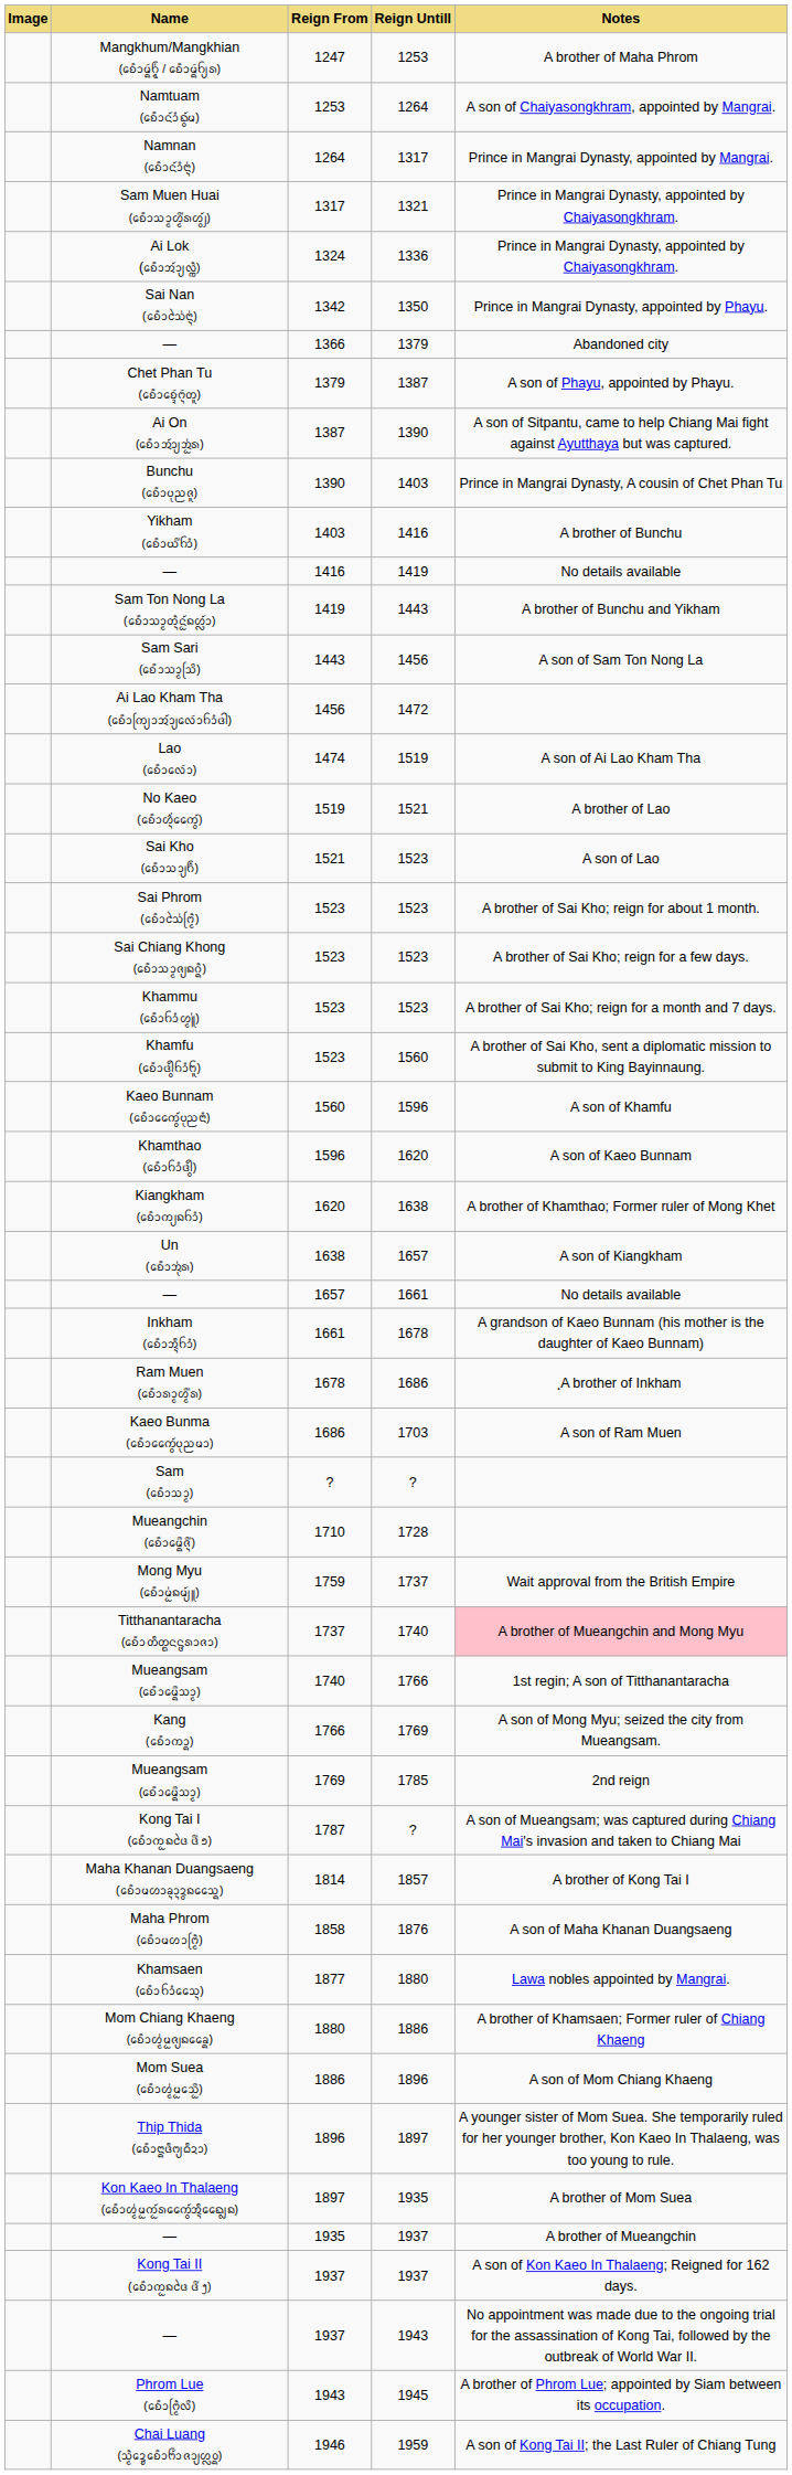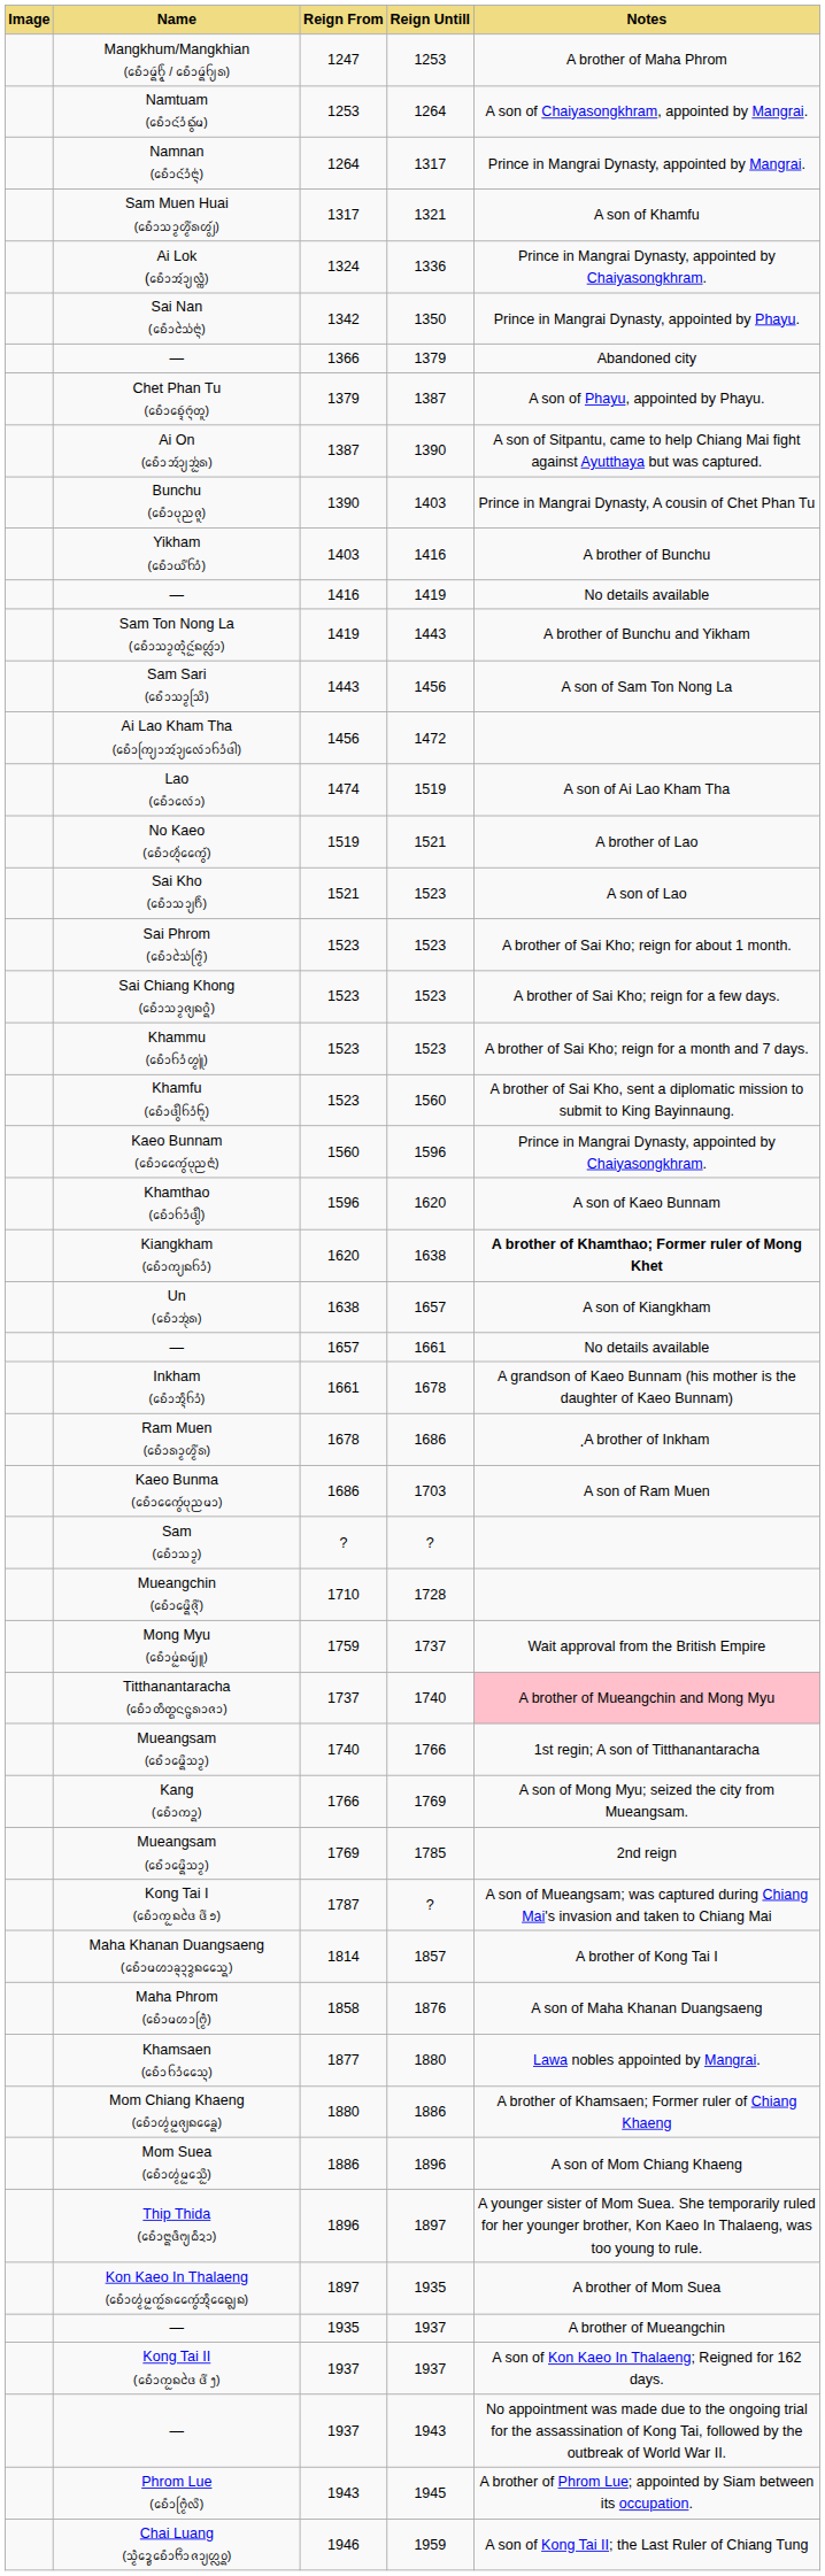 <table class="wikitable" style="text-align:center; font-size:90%; line-height:22px;">
 <tr bgcolor="#F0DC82" colspan=10 align="center">
 <td width="20"><span><strong>Image</strong></span></td>
 <td width="240"><span><strong>Name</strong></span></td>
 <td><span><strong>Reign From</strong></span></td>
 <td><span><strong>Reign Untill</strong></span></td>
 <td width="340"><span><strong>Notes</strong></span></td>
 </tr>
 <tr>
 <td></td>
 <td>Mangkhum/Mangkhian<br><small>(ᨧᩮᩢ᩶ᩣᨾᩢ᩠ᨦᨤᩩ᩠᩵ᨾ / ᨧᩮᩢ᩶ᩣᨾᩢ᩠ᨦᨤ᩠ᨿᩁ)</small></td>
 <td>1247</td>
 <td>1253</td>
 <td>A brother of Maha Phrom</td>
 </tr>
 <tr>
 <td></td>
 <td>Namtuam<br><small>(ᨧᩮᩢ᩶ᩣᨶ᩶ᩣᩴᨳ᩠᩶ᩅᨾ)</small></td>
 <td>1253</td>
 <td>1264</td>
 <td>A son of <a href='#'>Chaiyasongkhram</a>, appointed by <a href='#'>Mangrai</a>.</td>
 </tr>
 <tr>
 <td></td>
 <td>Namnan<br><small>(ᨧᩮᩢ᩶ᩣᨶ᩶ᩣᩴᨶᩣ᩠᩵ᨶ)</small></td>
 <td>1264</td>
 <td>1317</td>
 <td>Prince in Mangrai Dynasty, appointed by <a href='#'>Mangrai</a>.</td>
 </tr>
 <tr>
 <td></td>
 <td>Sam Muen Huai<br><small>(ᨧᩮᩢ᩶ᩣᩈᩣ᩠ᨾᩉ᩠ᨾᩨ᩵ᩁᩉ᩠᩶ᩅ᩠ᨿ)</small></td>
 <td>1317</td>
 <td>1321</td>
-<td>Prince in Mangrai Dynasty, appointed by <a href='#'>Chaiyasongkhram</a>.</td>
+<td>A son of Khamfu</td>
 </tr>
 <tr>
 <td></td>
 <td>Ai Lok<br>(<small>ᨧᩮᩢ᩶ᩣᩋ᩶ᩣ᩠ᨿᩃᩫ᩠ᨠ)</small></td>
 <td>1324</td>
 <td>1336</td>
 <td>Prince in Mangrai Dynasty, appointed by <a href='#'>Chaiyasongkhram</a>.</td>
 </tr>
 <tr>
 <td></td>
 <td>Sai Nan<br><small>(ᨧᩮᩢ᩶ᩣᩈᩱ᩵ᨶᩣ᩠᩵ᨶ)</small></td>
 <td>1342</td>
 <td>1350</td>
 <td>Prince in Mangrai Dynasty, appointed by <a href='#'>Phayu</a>.</td>
 </tr>
 <tr>
 <td></td>
 <td>—</td>
 <td>1366</td>
 <td>1379</td>
 <td>Abandoned city</td>
 </tr>
 <tr>
 <td></td>
 <td>Chet Phan Tu<br><small>(ᨧᩮᩢ᩶ᩣᨧᩮᩢ᩠ᨯᨻᩢ᩠ᨶᨲᩪ)</small></td>
 <td>1379</td>
 <td>1387</td>
 <td>A son of <a href='#'>Phayu</a>, appointed by Phayu.</td>
 </tr>
 <tr>
 <td></td>
 <td>Ai On<br><small>(ᨧᩮᩢ᩶ᩣᩋ᩶ᩣ᩠ᨿᩋᩬ᩵ᩁ)</small></td>
 <td>1387</td>
 <td>1390</td>
 <td>A son of Sitpantu, came to help Chiang Mai fight against <a href='#'>Ayutthaya</a> but was captured.</td>
 </tr>
 <tr>
 <td></td>
 <td>Bunchu<br><small>(ᨧᩮᩢ᩶ᩣᨷᩩᨬᨩᩪ)</small></td>
 <td>1390</td>
 <td>1403</td>
 <td>Prince in Mangrai Dynasty, A cousin of Chet Phan Tu</td>
 </tr>
 <tr>
 <td></td>
 <td>Yikham<br><small>(ᨧᩮᩢ᩶ᩣᨿᩦ᩵ᨤᩴᩣ)</small></td>
 <td>1403</td>
 <td>1416</td>
 <td>A brother of Bunchu</td>
 </tr>
 <tr>
 <td></td>
 <td>—</td>
 <td>1416</td>
 <td>1419</td>
 <td>No details available</td>
 </tr>
 <tr>
 <td></td>
 <td>Sam Ton Nong La<br><small>(ᨧᩮᩢ᩶ᩣᩈᩣ᩠ᨾᨲᩫ᩠ᨶᨶᩬ᩶ᨦᩉ᩶ᩖᩣ)</small></td>
 <td>1419</td>
 <td>1443</td>
 <td>A brother of Bunchu and Yikham</td>
 </tr>
 <tr>
 <td></td>
 <td>Sam Sari<br><small>(ᨧᩮᩢ᩶ᩣᩈᩣ᩠ᨾᩈᩕᩦ)</small></td>
 <td>1443</td>
 <td>1456</td>
 <td>A son of Sam Ton Nong La</td>
 </tr>
 <tr>
 <td></td>
 <td>Ai Lao Kham Tha<br><small>(ᨧᩮᩢ᩶ᩣᨠᩕ᩠ᨿᩣᩋ᩶ᩣ᩠ᨿᩃᩮᩢᩣᨤᩴᩣᨴᩤ)</small></td>
 <td>1456</td>
 <td>1472</td>
 <td></td>
 </tr>
 <tr>
 <td></td>
 <td>Lao<br><small>(ᨧᩮᩢ᩶ᩣᩃᩮᩢᩣ)</small></td>
 <td>1474</td>
 <td>1519</td>
 <td>A son of Ai Lao Kham Tha</td>
 </tr>
 <tr>
 <td></td>
 <td>No Kaeo<br><small>(ᨧᩮᩢ᩶ᩣᩉ᩠ᨶᩳ᩵ᨠᩯ᩠᩶ᩅ)</small></td>
 <td>1519</td>
 <td>1521</td>
 <td>A brother of Lao</td>
 </tr>
 <tr>
 <td></td>
 <td>Sai Kho<br><small>(ᨧᩮᩢ᩶ᩣᩈᩣ᩠ᨿᨤᩳ)</small></td>
 <td>1521</td>
 <td>1523</td>
 <td>A son of Lao</td>
 </tr>
 <tr>
 <td></td>
 <td>Sai Phrom<br><small>(ᨧᩮᩢ᩶ᩣᩈᩱ᩵ᨻᩕᩫ᩠ᨾ)</small></td>
 <td>1523</td>
 <td>1523</td>
 <td>A brother of Sai Kho; reign for about 1 month.</td>
 </tr>
 <tr>
 <td></td>
 <td>Sai Chiang Khong<br><small>(ᨧᩮᩢ᩶ᩣᩈᩣ᩠ᨾᨩ᩠ᨿᨦᨣᩫ᩠ᨦ)</small></td>
 <td>1523</td>
 <td>1523</td>
 <td>A brother of Sai Kho; reign for a few days.</td>
 </tr>
 <tr>
 <td></td>
 <td>Khammu<br><small>(ᨧᩮᩢ᩶ᩣᨤᩴᩣᩉ᩠ᨾᩪ᩵)</small></td>
 <td>1523</td>
 <td>1523</td>
 <td>A brother of Sai Kho; reign for a month and 7 days.</td>
 </tr>
 <tr>
 <td></td>
 <td>Khamfu<br><small>(ᨧᩮᩢ᩶ᩣᨴ᩶ᩤ᩠ᩅᨤᩴᩣᨼᩪ)</small></td>
 <td>1523</td>
 <td>1560</td>
 <td>A brother of Sai Kho, sent a diplomatic mission to submit to King Bayinnaung.</td>
 </tr>
 <tr>
 <td></td>
 <td>Kaeo Bunnam<br><small>(ᨧᩮᩢ᩶ᩣᨠᩯ᩠᩶ᩅᨷᩩᨬᨶᩣᩴ)</small></td>
 <td>1560</td>
 <td>1596</td>
-<td>A son of Khamfu</td>
+<td>Prince in Mangrai Dynasty, appointed by <a href='#'>Chaiyasongkhram</a>.</td>
 </tr>
 <tr>
 <td></td>
 <td>Khamthao<br><small>(ᨧᩮᩢ᩶ᩣᨤᩴᩣᨴ᩶ᩤ᩠ᩅ)</small></td>
 <td>1596</td>
 <td>1620</td>
 <td>A son of Kaeo Bunnam</td>
 </tr>
 <tr>
 <td></td>
 <td>Kiangkham<br><small>(ᨧᩮᩢ᩶ᩣᨠ᩠ᨿᨦᨤᩴᩣ)</small></td>
 <td>1620</td>
 <td>1638</td>
-<td>A brother of Khamthao; Former ruler of Mong Khet</td>
+<td><strong>A brother of Khamthao; Former ruler of Mong Khet</strong></td>
 </tr>
 <tr>
 <td></td>
 <td>Un<br><small>(ᨧᩮᩢ᩶ᩣᩋᩩ᩵ᩁ)</small></td>
 <td>1638</td>
 <td>1657</td>
 <td>A son of Kiangkham</td>
 </tr>
 <tr>
 <td></td>
 <td>—</td>
 <td>1657</td>
 <td>1661</td>
 <td>No details available</td>
 </tr>
 <tr>
 <td></td>
 <td>Inkham<br><small>(ᨧᩮᩢ᩶ᩣᩋᩥ᩠ᨶᨤᩴᩣ)</small></td>
 <td>1661</td>
 <td>1678</td>
 <td>A grandson of Kaeo Bunnam (his mother is the daughter of Kaeo Bunnam)</td>
 </tr>
 <tr>
 <td></td>
 <td>Ram Muen<br><small>(ᨧᩮᩢ᩶ᩣᩁᩣ᩠ᨾᩉ᩠ᨾᩨ᩵ᩁ)</small></td>
 <td>1678</td>
 <td>1686</td>
 <td>ฺA brother of Inkham</td>
 </tr>
 <tr>
 <td></td>
 <td>Kaeo Bunma<br><small>(ᨧᩮᩢ᩶ᩣᨠᩯ᩠᩶ᩅᨷᩩᨬᨾᩣ)</small></td>
 <td>1686</td>
 <td>1703</td>
 <td>A son of Ram Muen</td>
 </tr>
 <tr>
 <td></td>
 <td>Sam<br><small>(ᨧᩮᩢ᩶ᩣᩈᩣ᩠ᨾ)</small></td>
 <td>?</td>
 <td>?</td>
 <td></td>
 </tr>
 <tr>
 <td></td>
 <td>Mueangchin<br><small>(ᨧᩮᩢ᩶ᩣᨾᩮᩨ᩠ᨦᨩᩨ᩠᩵ᨶ)</small></td>
 <td>1710</td>
 <td>1728</td>
 <td></td>
 </tr>
 <tr>
 <td></td>
 <td>Mong Myu<br><small>(ᨧᩮᩢ᩶ᩣᨾᩬ᩵ᨦᨾ᩠᩶ᨿᩪ)</small></td>
 <td>1759</td>
 <td>1737</td>
 <td>Wait approval from the British Empire</td>
 </tr>
 <tr>
 <td></td>
 <td>Titthanantaracha<br><small>(ᨧᩮᩢ᩶ᩣᨲᩥᨲ᩠ᨳᨶᨶ᩠ᨴᩁᩣᨩᩣ)</small></td>
 <td>1737</td>
 <td>1740</td>
 <td style="background: pink;">A brother of Mueangchin and Mong Myu</td>
 </tr>
 <tr>
 <td></td>
 <td>Mueangsam<br><small>(ᨧᩮᩢ᩶ᩣᨾᩮᩨ᩠ᨦᩈᩣ᩠ᨾ)</small></td>
 <td>1740</td>
 <td>1766</td>
 <td>1st regin; A son of Titthanantaracha</td>
 </tr>
 <tr>
 <td></td>
 <td>Kang<br><small>(ᨧᩮᩢ᩶ᩣᨠᩣ᩠ᨦ)</small></td>
 <td>1766</td>
 <td>1769</td>
 <td>A son of Mong Myu; seized the city from Mueangsam.</td>
 </tr>
 <tr>
 <td></td>
 <td>Mueangsam<br><small>(ᨧᩮᩢ᩶ᩣᨾᩮᩨ᩠ᨦᩈᩣ᩠ᨾ)</small></td>
 <td>1769</td>
 <td>1785</td>
 <td>2nd reign</td>
 </tr>
 <tr>
 <td></td>
 <td>Kong Tai I<br><small>(ᨧᩮᩢ᩶ᩣᨠᩬᨦᨴᩱ​​ ᨴᩦ᩵ ᪁)</small></td>
 <td>1787</td>
 <td>?</td>
 <td>A son of Mueangsam; was captured during <a href='#'>Chiang Mai</a>'s invasion and taken to Chiang Mai</td>
 </tr>
 <tr>
 <td></td>
 <td>Maha Khanan Duangsaeng<br><small>(ᨧᩮᩢ᩶ᩣᨾᩉᩣᨡ᩠ᨶᩣ᩠ᨶᨯ᩠ᩅᨦᩈᩯ᩠ᨦ)</small></td>
 <td>1814</td>
 <td>1857</td>
 <td>A brother of Kong Tai I</td>
 </tr>
 <tr>
 <td></td>
 <td>Maha Phrom<br><small>(ᨧᩮᩢ᩶ᩣᨾᩉᩣᨻᩕᩫ᩠ᨾ)</small></td>
 <td>1858</td>
 <td>1876</td>
 <td>A son of Maha Khanan Duangsaeng</td>
 </tr>
 <tr>
 <td></td>
 <td>Khamsaen<br><small>(ᨧᩮᩢ᩶ᩣᨤᩴᩣᩈᩯ᩠ᨶ)</small></td>
 <td>1877</td>
 <td>1880</td>
 <td><a href='#'>Lawa</a> nobles appointed by <a href='#'>Mangrai</a>.</td>
 </tr>
 <tr>
 <td></td>
 <td>Mom Chiang Khaeng<br><small>(ᨧᩮᩢ᩶ᩣᩉ᩠᩵ᨾᨾᩬᨩ᩠ᨿᨦᨡᩯ᩠ᨦ)</small></td>
 <td>1880</td>
 <td>1886</td>
 <td>A brother of Khamsaen; Former ruler of <a href='#'>Chiang Khaeng</a></td>
 </tr>
 <tr>
 <td></td>
 <td>Mom Suea<br><small>(ᨧᩮᩢ᩶ᩣᩉ᩠ᨾᩬ᩵ᨾ​ᩈᩮᩨᩬ)</small></td>
 <td>1886</td>
 <td>1896</td>
 <td>A son of Mom Chiang Khaeng</td>
 </tr>
 <tr>
 <td></td>
 <td><a href='#'>Thip Thida</a><br><small>(ᨧᩮᩢ᩶ᩣᨶᩣ᩠ᨦᨴᩥᨻ᩠ᨿᨵᩥᨯᩣ)</small></td>
 <td>1896</td>
 <td>1897</td>
 <td>A younger sister of Mom Suea. She temporarily ruled for her younger brother, Kon Kaeo In Thalaeng, was too young to rule.</td>
 </tr>
 <tr>
 <td></td>
 <td><a href='#'>Kon Kaeo In Thalaeng</a><br><small>(ᨧᩮᩢ᩶ᩣᩉ᩠᩵ᨾᨾᩬᨠᩬ᩶ᩁᨠᩯ᩠᩶ᩅᩋᩥ᩠ᨶᨳᩯ᩠ᩃᨦ)</small></td>
 <td>1897</td>
 <td>1935</td>
 <td>A brother of Mom Suea</td>
 </tr>
 <tr>
 <td></td>
 <td>—</td>
 <td>1935</td>
 <td>1937</td>
 <td>A brother of Mueangchin</td>
 </tr>
 <tr>
 <td></td>
 <td><a href='#'>Kong Tai II</a><br><small>(ᨧᩮᩢ᩶ᩣᨠᩬᨦᨴᩱ ᨴᩦ᩵ ᪂)</small></td>
 <td>1937</td>
 <td>1937</td>
 <td>A son of <a href='#'>Kon Kaeo In Thalaeng</a>; Reigned for 162 days.</td>
 </tr>
 <tr>
 <td></td>
 <td>—</td>
 <td>1937</td>
 <td>1943</td>
 <td>No appointment was made due to the ongoing trial for the assassination of Kong Tai, followed by the outbreak of World War II.</td>
 </tr>
 <tr>
 <td></td>
 <td><a href='#'>Phrom Lue</a><br><small>(ᨧᩮᩢ᩶ᩣᨻᩕᩫ᩠ᨾᩃᩨ)</small></td>
 <td>1943</td>
 <td>1945</td>
 <td>A brother of <a href='#'>Phrom Lue</a>; appointed by Siam between its <a href='#'>occupation</a>.</td>
 </tr>
 <tr>
 <td></td>
 <td><a href='#'>Chai Luang</a><br><small>(ᩈᩫ᩠ᨾᨯᩮ᩠ᨧᨧᩮᩢ᩶ᩣᨼ᩶ᩣᨩᩣ᩠ᨿᩉᩖᩅ᩠ᨦ)</small></td>
 <td>1946</td>
 <td>1959</td>
 <td>A son of <a href='#'>Kong Tai II</a>; the Last Ruler of Chiang Tung</td>
 </tr>
 </table>
